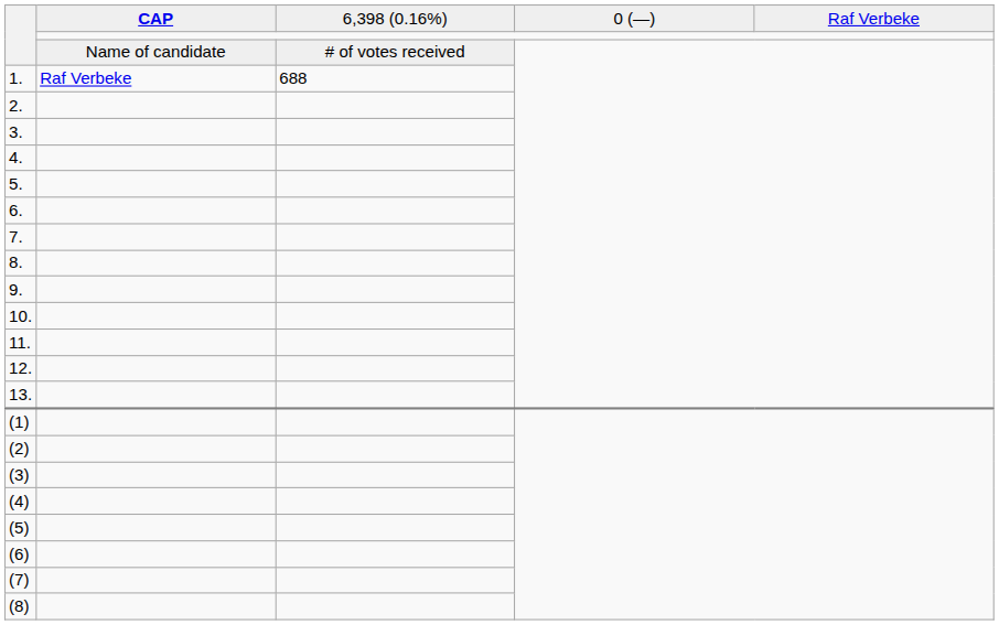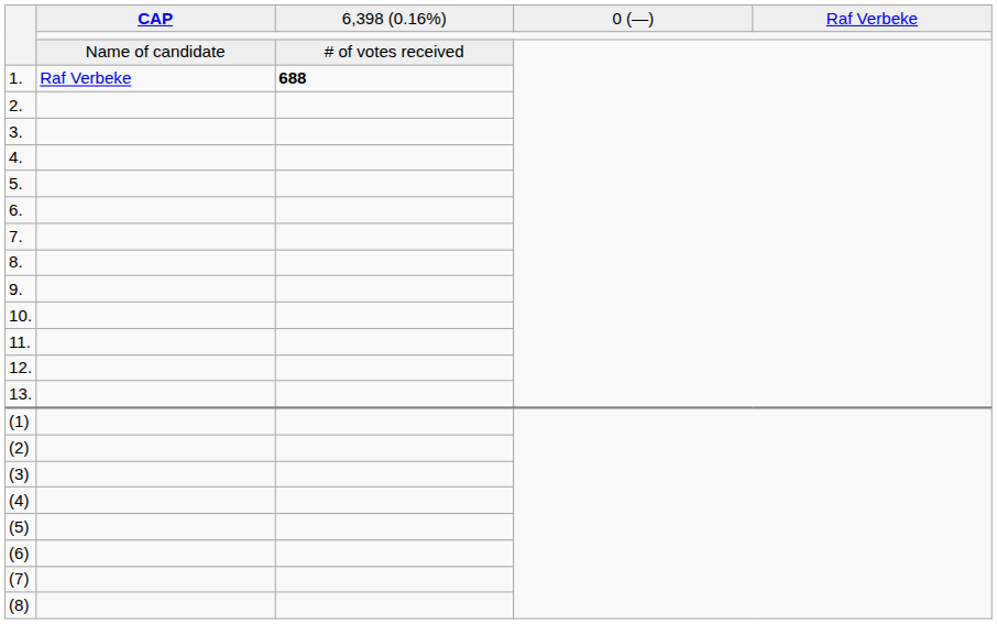 <table class="wikitable collapsible collapsed" style=text-align:left;font-size:90%>
 <tr>
 <th rowspan=3></th>
 <td bgcolor=efefef width=200 align=center><strong> <a href='#'>CAP</a></strong></td>
 <td bgcolor=efefef width=200 align=center>6,398 (0.16%)</td>
 <td bgcolor=efefef width=200 align=center>0 (—)</td>
 <td bgcolor=efefef width=200 align=center><a href='#'>Raf Verbeke</a></td>
 </tr>
 <tr>
 <td colspan=4 bgcolor=></td>
 </tr>
 <tr>
 <td bgcolor=efefef align=center>Name of candidate</td>
 <td bgcolor=efefef align=center># of votes received</td>
 </tr>
 <tr>
 <td>1.</td>
 <td><a href='#'>Raf Verbeke</a></td>
-<td>688</td>
+<td><strong>688</strong></td>
 </tr>
 <tr>
 <td>2.</td>
 <td></td>
 <td></td>
 </tr>
 <tr>
 <td>3.</td>
 <td></td>
 <td></td>
 </tr>
 <tr>
 <td>4.</td>
 <td></td>
 <td></td>
 </tr>
 <tr>
 <td>5.</td>
 <td></td>
 <td></td>
 </tr>
 <tr>
 <td>6.</td>
 <td></td>
 <td></td>
 </tr>
 <tr>
 <td>7.</td>
 <td></td>
 <td></td>
 </tr>
 <tr>
 <td>8.</td>
 <td></td>
 <td></td>
 </tr>
 <tr>
 <td>9.</td>
 <td></td>
 <td></td>
 </tr>
 <tr>
 <td>10.</td>
 <td></td>
 <td></td>
 </tr>
 <tr>
 <td>11.</td>
 <td></td>
 <td></td>
 </tr>
 <tr>
 <td>12.</td>
 <td></td>
 <td></td>
 </tr>
 <tr>
 <td>13.</td>
 <td></td>
 <td></td>
 </tr>
 <tr style="border-top:2px solid gray;">
 <td>(1)</td>
 <td></td>
 <td></td>
 </tr>
 <tr>
 <td>(2)</td>
 <td></td>
 <td></td>
 </tr>
 <tr>
 <td>(3)</td>
 <td></td>
 <td></td>
 </tr>
 <tr>
 <td>(4)</td>
 <td></td>
 <td></td>
 </tr>
 <tr>
 <td>(5)</td>
 <td></td>
 <td></td>
 </tr>
 <tr>
 <td>(6)</td>
 <td></td>
 <td></td>
 </tr>
 <tr>
 <td>(7)</td>
 <td></td>
 <td></td>
 </tr>
 <tr>
 <td>(8)</td>
 <td></td>
 <td></td>
 </tr>
 </table>
